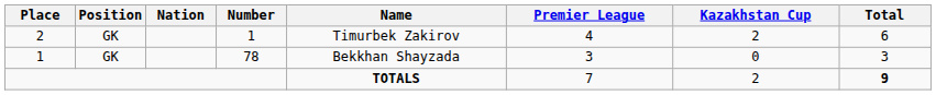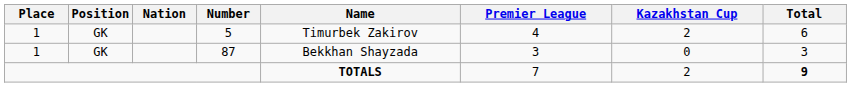 <table class="wikitable" style="font-size: 95%; text-align: center;">
 <tr>
 <th width=60>Place</th>
 <th width=60>Position</th>
 <th width=60>Nation</th>
 <th width=60>Number</th>
 <th width=200>Name</th>
 <th width=150><a href='#'>Premier League</a></th>
 <th width=150><a href='#'>Kazakhstan Cup</a></th>
 <th width=80>Total</th>
 </tr>
 <tr>
-<td>2</td>
+<td>1</td>
 <td>GK</td>
 <td></td>
-<td>1</td>
+<td>5</td>
 <td>Timurbek Zakirov</td>
 <td>4</td>
 <td>2</td>
 <td>6</td>
 </tr>
 <tr>
 <td>1</td>
 <td>GK</td>
 <td></td>
-<td>78</td>
+<td>87</td>
 <td>Bekkhan Shayzada</td>
 <td>3</td>
 <td>0</td>
 <td>3</td>
 </tr>
 <tr>
 <td colspan="4"></td>
 <td><strong>TOTALS</strong></td>
 <td>7</td>
 <td>2</td>
 <td><strong>9</strong></td>
 </tr>
 </table>
